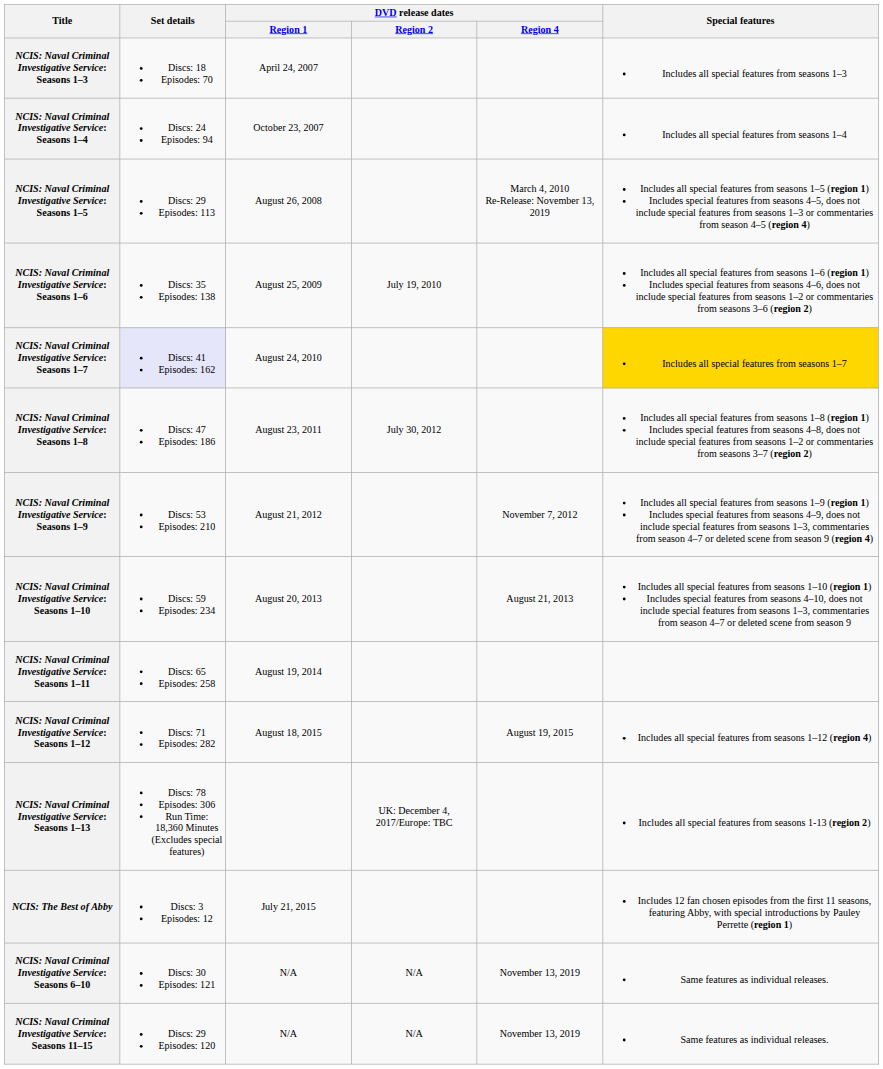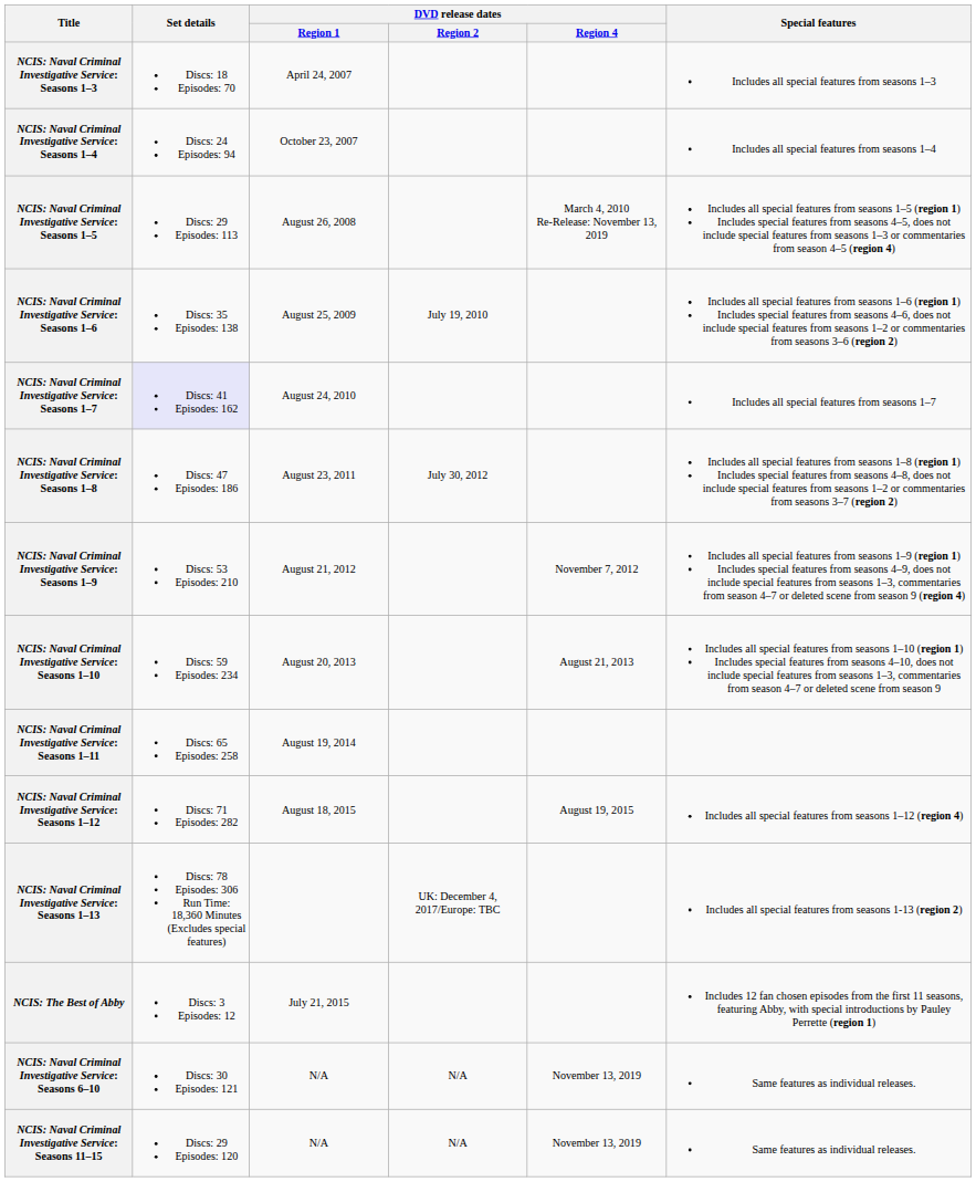 <table class="wikitable plainrowheaders" style="font-size:90%; text-align: center">
 <tr>
 <th scope="col" rowspan="2">Title</th>
 <th scope="col" rowspan="2" style="width: 10em;">Set details</th>
 <th scope="col" colspan="3"><a href='#'>DVD</a> release dates</th>
 <th scope="col" rowspan="2">Special features</th>
 </tr>
 <tr>
 <th scope="col" style="width: 12em; font-size: 100%;"><a href='#'>Region 1</a></th>
 <th scope="col" style="width: 12em; font-size: 100%;"><a href='#'>Region 2</a></th>
 <th scope="col" style="width: 12em; font-size: 100%;"><a href='#'>Region 4</a></th>
 </tr>
 <tr>
 <th scope="row"><em>NCIS: Naval Criminal Investigative Service</em>: Seasons 1–3</th>
 <td><br><ul><li>Discs: 18</li><li>Episodes: 70</li></ul></td>
 <td>April 24, 2007</td>
 <td></td>
 <td></td>
 <td><br><ul><li>Includes all special features from seasons 1–3</li></ul></td>
 </tr>
 <tr>
 <th scope="row"><em>NCIS: Naval Criminal Investigative Service</em>: Seasons 1–4</th>
 <td><br><ul><li>Discs: 24</li><li>Episodes: 94</li></ul></td>
 <td>October 23, 2007</td>
 <td></td>
 <td></td>
 <td><br><ul><li>Includes all special features from seasons 1–4</li></ul></td>
 </tr>
 <tr>
 <th scope="row"><em>NCIS: Naval Criminal Investigative Service</em>: Seasons 1–5</th>
 <td><br><ul><li>Discs: 29</li><li>Episodes: 113</li></ul></td>
 <td>August 26, 2008</td>
 <td></td>
 <td>March 4, 2010<br>Re-Release: November 13, 2019</td>
 <td><br><ul><li>Includes all special features from seasons 1–5 (<strong>region 1</strong>)</li><li>Includes special features from seasons 4–5, does not include special features from seasons 1–3 or commentaries from season 4–5 (<strong>region 4</strong>)</li></ul></td>
 </tr>
 <tr>
 <th scope="row"><em>NCIS: Naval Criminal Investigative Service</em>: Seasons 1–6</th>
 <td><br><ul><li>Discs: 35</li><li>Episodes: 138</li></ul></td>
 <td>August 25, 2009</td>
 <td>July 19, 2010</td>
 <td></td>
 <td><br><ul><li>Includes all special features from seasons 1–6 (<strong>region 1</strong>)</li><li>Includes special features from seasons 4–6, does not include special features from seasons 1–2 or commentaries from seasons 3–6 (<strong>region 2</strong>)</li></ul></td>
 </tr>
 <tr>
 <th scope="row"><em>NCIS: Naval Criminal Investigative Service</em>: Seasons 1–7</th>
 <td style="background: lavender;"><br><ul><li>Discs: 41</li><li>Episodes: 162</li></ul></td>
 <td>August 24, 2010</td>
 <td></td>
 <td></td>
-<td style="background: gold;"><br><ul><li>Includes all special features from seasons 1–7</li></ul></td>
+<td><br><ul><li>Includes all special features from seasons 1–7</li></ul></td>
 </tr>
 <tr>
 <th scope="row"><em>NCIS: Naval Criminal Investigative Service</em>: Seasons 1–8</th>
 <td><br><ul><li>Discs: 47</li><li>Episodes: 186</li></ul></td>
 <td>August 23, 2011</td>
 <td>July 30, 2012</td>
 <td></td>
 <td><br><ul><li>Includes all special features from seasons 1–8 (<strong>region 1</strong>)</li><li>Includes special features from seasons 4–8, does not include special features from seasons 1–2 or commentaries from seasons 3–7 (<strong>region 2</strong>)</li></ul></td>
 </tr>
 <tr>
 <th scope="row"><em>NCIS: Naval Criminal Investigative Service</em>: Seasons 1–9</th>
 <td><br><ul><li>Discs: 53</li><li>Episodes: 210</li></ul></td>
 <td>August 21, 2012</td>
 <td></td>
 <td>November 7, 2012</td>
 <td><br><ul><li>Includes all special features from seasons 1–9 (<strong>region 1</strong>)</li><li>Includes special features from seasons 4–9, does not include special features from seasons 1–3, commentaries from season 4–7 or deleted scene from season 9 (<strong>region 4</strong>)</li></ul></td>
 </tr>
 <tr>
 <th scope="row"><em>NCIS: Naval Criminal Investigative Service</em>: Seasons 1–10</th>
 <td><br><ul><li>Discs: 59</li><li>Episodes: 234</li></ul></td>
 <td>August 20, 2013</td>
 <td></td>
 <td>August 21, 2013</td>
 <td><br><ul><li>Includes all special features from seasons 1–10 (<strong>region 1</strong>)</li><li>Includes special features from seasons 4–10, does not include special features from seasons 1–3, commentaries from season 4–7 or deleted scene from season 9</li></ul></td>
 </tr>
 <tr>
 <th scope="row"><em>NCIS: Naval Criminal Investigative Service</em>: Seasons 1–11</th>
 <td><br><ul><li>Discs: 65</li><li>Episodes: 258</li></ul></td>
 <td>August 19, 2014</td>
 <td></td>
 <td></td>
 <td></td>
 </tr>
 <tr>
 <th scope="row"><em>NCIS: Naval Criminal Investigative Service</em>: Seasons 1–12</th>
 <td><br><ul><li>Discs: 71</li><li>Episodes: 282</li></ul></td>
 <td>August 18, 2015</td>
 <td></td>
 <td>August 19, 2015</td>
 <td><br><ul><li>Includes all special features from seasons 1–12 (<strong>region 4</strong>)</li></ul></td>
 </tr>
 <tr>
 <th scope="row"><em>NCIS: Naval Criminal Investigative Service</em>: Seasons 1–13</th>
 <td><br><ul><li>Discs: 78</li><li>Episodes: 306</li><li>Run Time: 18,360 Minutes (Excludes special features)</li></ul></td>
 <td></td>
 <td>UK: December 4, 2017/Europe: TBC</td>
 <td></td>
 <td><br><ul><li>Includes all special features from seasons 1-13 (<strong>region 2</strong>)</li></ul></td>
 </tr>
 <tr>
 <th scope="row"><em>NCIS: The Best of Abby</em></th>
 <td><br><ul><li>Discs: 3</li><li>Episodes: 12</li></ul></td>
 <td>July 21, 2015</td>
 <td></td>
 <td></td>
 <td><br><ul><li>Includes 12 fan chosen episodes from the first 11 seasons, featuring Abby, with special introductions by Pauley Perrette (<strong>region 1</strong>)</li></ul></td>
 </tr>
 <tr>
 <th><em>NCIS: Naval Criminal Investigative Service</em>: Seasons 6–10</th>
 <td><br><ul><li>Discs: 30</li><li>Episodes: 121</li></ul></td>
 <td>N/A</td>
 <td>N/A</td>
 <td>November 13, 2019</td>
 <td><br><ul><li>Same features as individual releases.</li></ul></td>
 </tr>
 <tr>
 <th><em>NCIS: Naval Criminal Investigative Service</em>: Seasons 11–15</th>
 <td><br><ul><li>Discs: 29</li><li>Episodes: 120</li></ul></td>
 <td>N/A</td>
 <td>N/A</td>
 <td>November 13, 2019</td>
 <td><br><ul><li>Same features as individual releases.</li></ul></td>
 </tr>
 </table>
